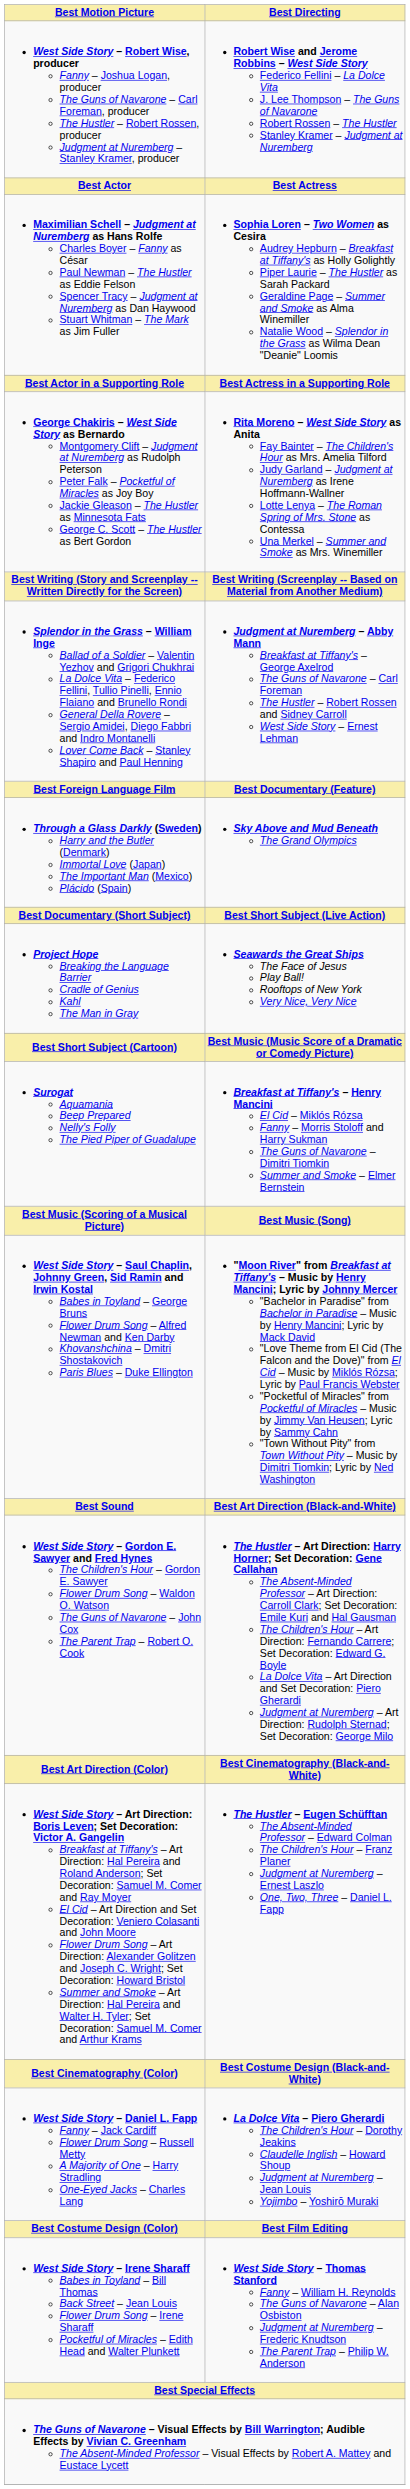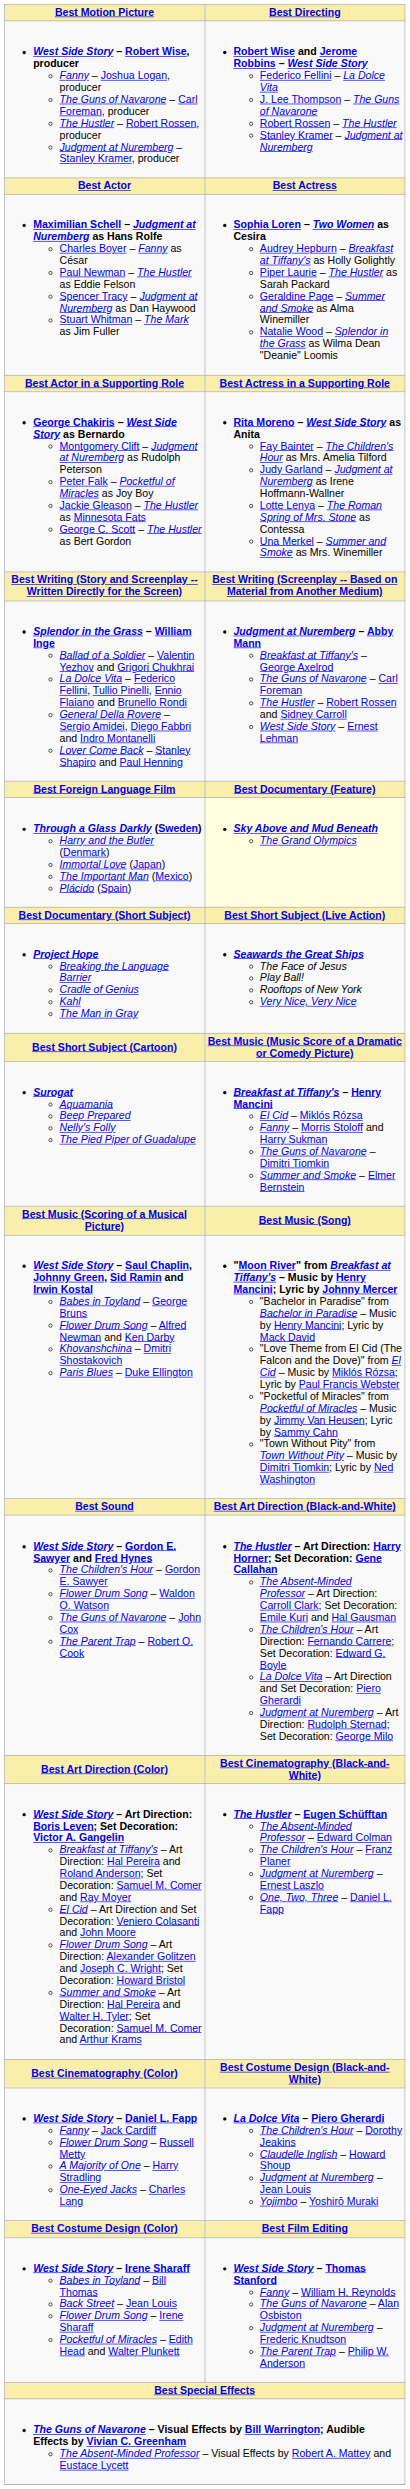 <table class=wikitable>
 <tr>
 <th style="background:#F9EFAA; width:50%"><a href='#'>Best Motion Picture</a></th>
 <th style="background:#F9EFAA; width:50%"><a href='#'>Best Directing</a></th>
 </tr>
 <tr>
 <td valign="top"><br><ul><li><strong> <em><a href='#'>West Side Story</a></em> – <a href='#'>Robert Wise</a>, producer</strong><ul><li><em><a href='#'>Fanny</a></em> – <a href='#'>Joshua Logan</a>, producer</li><li><em><a href='#'>The Guns of Navarone</a></em> – <a href='#'>Carl Foreman</a>, producer</li><li><em><a href='#'>The Hustler</a></em> – <a href='#'>Robert Rossen</a>, producer</li><li><em><a href='#'>Judgment at Nuremberg</a></em> – <a href='#'>Stanley Kramer</a>, producer</li></ul></li></ul></td>
 <td valign="top"><br><ul><li><strong><a href='#'>Robert Wise</a> and <a href='#'>Jerome Robbins</a> – <em><a href='#'>West Side Story</a></em> </strong><ul><li><a href='#'>Federico Fellini</a> – <em><a href='#'>La Dolce Vita</a></em></li><li><a href='#'>J. Lee Thompson</a> – <em><a href='#'>The Guns of Navarone</a></em></li><li><a href='#'>Robert Rossen</a> – <em><a href='#'>The Hustler</a></em></li><li><a href='#'>Stanley Kramer</a> – <em><a href='#'>Judgment at Nuremberg</a></em></li></ul></li></ul></td>
 </tr>
 <tr>
 <th style="background:#F9EFAA"><a href='#'>Best Actor</a></th>
 <th style="background:#F9EFAA"><a href='#'>Best Actress</a></th>
 </tr>
 <tr>
 <td valign="top"><br><ul><li><strong> <a href='#'>Maximilian Schell</a> – <em><a href='#'>Judgment at Nuremberg</a></em> as Hans Rolfe</strong><ul><li><a href='#'>Charles Boyer</a> – <em><a href='#'>Fanny</a></em> as César</li><li><a href='#'>Paul Newman</a> – <em><a href='#'>The Hustler</a></em> as Eddie Felson</li><li><a href='#'>Spencer Tracy</a> – <em><a href='#'>Judgment at Nuremberg</a></em> as Dan Haywood</li><li><a href='#'>Stuart Whitman</a> – <em><a href='#'>The Mark</a></em> as Jim Fuller</li></ul></li></ul></td>
 <td valign="top"><br><ul><li><strong> <a href='#'>Sophia Loren</a> – <em><a href='#'>Two Women</a></em> as Cesira</strong><ul><li><a href='#'>Audrey Hepburn</a> – <em><a href='#'>Breakfast at Tiffany's</a></em> as Holly Golightly</li><li><a href='#'>Piper Laurie</a> – <em><a href='#'>The Hustler</a></em> as Sarah Packard</li><li><a href='#'>Geraldine Page</a> – <em><a href='#'>Summer and Smoke</a></em> as Alma Winemiller</li><li><a href='#'>Natalie Wood</a> – <em><a href='#'>Splendor in the Grass</a></em> as Wilma Dean "Deanie" Loomis</li></ul></li></ul></td>
 </tr>
 <tr>
 <th style="background:#F9EFAA"><a href='#'>Best Actor in a Supporting Role</a></th>
 <th style="background:#F9EFAA"><a href='#'>Best Actress in a Supporting Role</a></th>
 </tr>
 <tr>
 <td valign="top"><br><ul><li><strong> <a href='#'>George Chakiris</a> – <em><a href='#'>West Side Story</a></em> as Bernardo</strong><ul><li><a href='#'>Montgomery Clift</a> – <em><a href='#'>Judgment at Nuremberg</a></em> as Rudolph Peterson</li><li><a href='#'>Peter Falk</a> – <em><a href='#'>Pocketful of Miracles</a></em> as Joy Boy</li><li><a href='#'>Jackie Gleason</a> – <em><a href='#'>The Hustler</a></em> as <a href='#'>Minnesota Fats</a></li><li><a href='#'>George C. Scott</a> – <em><a href='#'>The Hustler</a></em> as Bert Gordon</li></ul></li></ul></td>
 <td valign="top"><br><ul><li><strong> <a href='#'>Rita Moreno</a> – <em><a href='#'>West Side Story</a></em> as Anita</strong><ul><li><a href='#'>Fay Bainter</a> – <em><a href='#'>The Children's Hour</a></em> as Mrs. Amelia Tilford</li><li><a href='#'>Judy Garland</a> – <em><a href='#'>Judgment at Nuremberg</a></em> as Irene Hoffmann-Wallner</li><li><a href='#'>Lotte Lenya</a> – <em><a href='#'>The Roman Spring of Mrs. Stone</a></em> as Contessa</li><li><a href='#'>Una Merkel</a> – <em><a href='#'>Summer and Smoke</a></em> as Mrs. Winemiller</li></ul></li></ul></td>
 </tr>
 <tr>
 <th style="background:#F9EFAA"><a href='#'>Best Writing (Story and Screenplay -- Written Directly for the Screen)</a></th>
 <th style="background:#F9EFAA"><a href='#'>Best Writing (Screenplay -- Based on Material from Another Medium)</a></th>
 </tr>
 <tr>
 <td valign="top"><br><ul><li><strong> <em><a href='#'>Splendor in the Grass</a></em> – <a href='#'>William Inge</a></strong><ul><li><em><a href='#'>Ballad of a Soldier</a></em> – <a href='#'>Valentin Yezhov</a> and <a href='#'>Grigori Chukhrai</a></li><li><em><a href='#'>La Dolce Vita</a></em> – <a href='#'>Federico Fellini</a>, <a href='#'>Tullio Pinelli</a>, <a href='#'>Ennio Flaiano</a> and <a href='#'>Brunello Rondi</a></li><li><em><a href='#'>General Della Rovere</a></em> – <a href='#'>Sergio Amidei</a>, <a href='#'>Diego Fabbri</a> and <a href='#'>Indro Montanelli</a></li><li><em><a href='#'>Lover Come Back</a></em> – <a href='#'>Stanley Shapiro</a> and <a href='#'>Paul Henning</a></li></ul></li></ul></td>
 <td valign="top"><br><ul><li><strong> <em><a href='#'>Judgment at Nuremberg</a></em> – <a href='#'>Abby Mann</a></strong><ul><li><em><a href='#'>Breakfast at Tiffany's</a></em> – <a href='#'>George Axelrod</a></li><li><em><a href='#'>The Guns of Navarone</a></em> – <a href='#'>Carl Foreman</a></li><li><em><a href='#'>The Hustler</a></em> – <a href='#'>Robert Rossen</a> and <a href='#'>Sidney Carroll</a></li><li><em><a href='#'>West Side Story</a></em> – <a href='#'>Ernest Lehman</a></li></ul></li></ul></td>
 </tr>
 <tr>
 <th style="background:#F9EFAA"><a href='#'>Best Foreign Language Film</a></th>
 <th style="background:#F9EFAA"><a href='#'>Best Documentary (Feature)</a></th>
 </tr>
 <tr>
 <td valign="top"><br><ul><li><strong> <em><a href='#'>Through a Glass Darkly</a></em> (<a href='#'>Sweden</a>)</strong><ul><li><em><a href='#'>Harry and the Butler</a></em> (<a href='#'>Denmark</a>)</li><li><em><a href='#'>Immortal Love</a></em> (<a href='#'>Japan</a>)</li><li><em><a href='#'>The Important Man</a></em> (<a href='#'>Mexico</a>)</li><li><em><a href='#'>Plácido</a></em> (<a href='#'>Spain</a>)</li></ul></li></ul></td>
-<td valign="top"><br><ul><li><strong><em><a href='#'>Sky Above and Mud Beneath</a></em></strong><ul><li><em><a href='#'>The Grand Olympics</a></em></li></ul></li></ul></td>
+<td valign="top" style="background: lightyellow;"><br><ul><li><strong><em><a href='#'>Sky Above and Mud Beneath</a></em></strong><ul><li><em><a href='#'>The Grand Olympics</a></em></li></ul></li></ul></td>
 </tr>
 <tr>
 <th style="background:#F9EFAA"><a href='#'>Best Documentary (Short Subject)</a></th>
 <th style="background:#F9EFAA"><a href='#'>Best Short Subject (Live Action)</a></th>
 </tr>
 <tr>
 <td valign="top"><br><ul><li><strong><em><a href='#'>Project Hope</a></em></strong><ul><li><em><a href='#'>Breaking the Language Barrier</a></em></li><li><em><a href='#'>Cradle of Genius</a></em></li><li><em><a href='#'>Kahl</a></em></li><li><em><a href='#'>The Man in Gray</a></em></li></ul></li></ul></td>
 <td valign="top"><br><ul><li><strong><em><a href='#'>Seawards the Great Ships</a></em></strong><ul><li><em>The Face of Jesus</em></li><li><em>Play Ball!</em></li><li><em>Rooftops of New York</em></li><li><em><a href='#'>Very Nice, Very Nice</a></em></li></ul></li></ul></td>
 </tr>
 <tr>
 <th style="background:#F9EFAA"><a href='#'>Best Short Subject (Cartoon)</a></th>
 <th style="background:#F9EFAA"><a href='#'>Best Music (Music Score of a Dramatic or Comedy Picture)</a></th>
 </tr>
 <tr>
 <td valign="top"><br><ul><li><strong><em><a href='#'>Surogat</a></em></strong><ul><li><em><a href='#'>Aquamania</a></em></li><li><em><a href='#'>Beep Prepared</a></em></li><li><em><a href='#'>Nelly's Folly</a></em></li><li><em><a href='#'>The Pied Piper of Guadalupe</a></em></li></ul></li></ul></td>
 <td valign="top"><br><ul><li><strong> <em><a href='#'>Breakfast at Tiffany's</a></em> – <a href='#'>Henry Mancini</a></strong><ul><li><em><a href='#'>El Cid</a></em> – <a href='#'>Miklós Rózsa</a></li><li><em><a href='#'>Fanny</a></em> – <a href='#'>Morris Stoloff</a> and <a href='#'>Harry Sukman</a></li><li><em><a href='#'>The Guns of Navarone</a></em> – <a href='#'>Dimitri Tiomkin</a></li><li><em><a href='#'>Summer and Smoke</a></em> – <a href='#'>Elmer Bernstein</a></li></ul></li></ul></td>
 </tr>
 <tr>
 <th style="background:#F9EFAA"><a href='#'>Best Music (Scoring of a Musical Picture)</a></th>
 <th style="background:#F9EFAA"><a href='#'>Best Music (Song)</a></th>
 </tr>
 <tr>
 <td valign="top"><br><ul><li><strong> <em><a href='#'>West Side Story</a></em> – <a href='#'>Saul Chaplin</a>, <a href='#'>Johnny Green</a>, <a href='#'>Sid Ramin</a> and <a href='#'>Irwin Kostal</a></strong><ul><li><em><a href='#'>Babes in Toyland</a></em> – <a href='#'>George Bruns</a></li><li><em><a href='#'>Flower Drum Song</a></em> – <a href='#'>Alfred Newman</a> and <a href='#'>Ken Darby</a></li><li><em><a href='#'>Khovanshchina</a></em> – <a href='#'>Dmitri Shostakovich</a></li><li><em><a href='#'>Paris Blues</a></em> – <a href='#'>Duke Ellington</a></li></ul></li></ul></td>
 <td valign="top"><br><ul><li><strong> "<a href='#'>Moon River</a>" from <em><a href='#'>Breakfast at Tiffany's</a></em> – Music by <a href='#'>Henry Mancini</a>; Lyric by <a href='#'>Johnny Mercer</a></strong><ul><li>"Bachelor in Paradise" from <em><a href='#'>Bachelor in Paradise</a></em> – Music by <a href='#'>Henry Mancini</a>; Lyric by <a href='#'>Mack David</a></li><li>"Love Theme from El Cid (The Falcon and the Dove)" from <em><a href='#'>El Cid</a></em> – Music by <a href='#'>Miklós Rózsa</a>; Lyric by <a href='#'>Paul Francis Webster</a></li><li>"Pocketful of Miracles" from <em><a href='#'>Pocketful of Miracles</a></em> – Music by <a href='#'>Jimmy Van Heusen</a>; Lyric by <a href='#'>Sammy Cahn</a></li><li>"Town Without Pity" from <em><a href='#'>Town Without Pity</a></em> – Music by <a href='#'>Dimitri Tiomkin</a>; Lyric by <a href='#'>Ned Washington</a></li></ul></li></ul></td>
 </tr>
 <tr>
 <th style="background:#F9EFAA"><a href='#'>Best Sound</a></th>
 <th style="background:#F9EFAA"><a href='#'>Best Art Direction (Black-and-White)</a></th>
 </tr>
 <tr>
 <td valign="top"><br><ul><li><strong> <em><a href='#'>West Side Story</a></em> – <a href='#'>Gordon E. Sawyer</a> and <a href='#'>Fred Hynes</a></strong><ul><li><em><a href='#'>The Children's Hour</a></em> – <a href='#'>Gordon E. Sawyer</a></li><li><em><a href='#'>Flower Drum Song</a></em> – <a href='#'>Waldon O. Watson</a></li><li><em><a href='#'>The Guns of Navarone</a></em> – <a href='#'>John Cox</a></li><li><em><a href='#'>The Parent Trap</a></em> – <a href='#'>Robert O. Cook</a></li></ul></li></ul></td>
 <td valign="top"><br><ul><li><strong> <em><a href='#'>The Hustler</a></em> – Art Direction: <a href='#'>Harry Horner</a>; Set Decoration: <a href='#'>Gene Callahan</a> </strong><ul><li><em><a href='#'>The Absent-Minded Professor</a></em> – Art Direction: <a href='#'>Carroll Clark</a>; Set Decoration: <a href='#'>Emile Kuri</a> and <a href='#'>Hal Gausman</a></li><li><em><a href='#'>The Children's Hour</a></em> – Art Direction: <a href='#'>Fernando Carrere</a>; Set Decoration: <a href='#'>Edward G. Boyle</a></li><li><em><a href='#'>La Dolce Vita</a></em> – Art Direction and Set Decoration: <a href='#'>Piero Gherardi</a></li><li><em><a href='#'>Judgment at Nuremberg</a></em> – Art Direction: <a href='#'>Rudolph Sternad</a>; Set Decoration: <a href='#'>George Milo</a></li></ul></li></ul></td>
 </tr>
 <tr>
 <th style="background:#F9EFAA"><a href='#'>Best Art Direction (Color)</a></th>
 <th style="background:#F9EFAA"><a href='#'>Best Cinematography (Black-and-White)</a></th>
 </tr>
 <tr>
 <td valign="top"><br><ul><li><strong> <em><a href='#'>West Side Story</a></em> – Art Direction: <a href='#'>Boris Leven</a>; Set Decoration: <a href='#'>Victor A. Gangelin</a> </strong><ul><li><em><a href='#'>Breakfast at Tiffany's</a></em> – Art Direction: <a href='#'>Hal Pereira</a> and <a href='#'>Roland Anderson</a>; Set Decoration: <a href='#'>Samuel M. Comer</a> and <a href='#'>Ray Moyer</a></li><li><em><a href='#'>El Cid</a></em> – Art Direction and Set Decoration: <a href='#'>Veniero Colasanti</a> and <a href='#'>John Moore</a></li><li><em><a href='#'>Flower Drum Song</a></em> – Art Direction: <a href='#'>Alexander Golitzen</a> and <a href='#'>Joseph C. Wright</a>; Set Decoration: <a href='#'>Howard Bristol</a></li><li><em><a href='#'>Summer and Smoke</a></em> – Art Direction: <a href='#'>Hal Pereira</a> and <a href='#'>Walter H. Tyler</a>; Set Decoration: <a href='#'>Samuel M. Comer</a> and <a href='#'>Arthur Krams</a></li></ul></li></ul></td>
 <td valign="top"><br><ul><li><strong> <em><a href='#'>The Hustler</a></em> – <a href='#'>Eugen Schüfftan</a> </strong><ul><li><em><a href='#'>The Absent-Minded Professor</a></em> – <a href='#'>Edward Colman</a></li><li><em><a href='#'>The Children's Hour</a></em> – <a href='#'>Franz Planer</a></li><li><em><a href='#'>Judgment at Nuremberg</a></em> – <a href='#'>Ernest Laszlo</a></li><li><em><a href='#'>One, Two, Three</a></em> – <a href='#'>Daniel L. Fapp</a></li></ul></li></ul></td>
 </tr>
 <tr>
 <th style="background:#F9EFAA"><a href='#'>Best Cinematography (Color)</a></th>
 <th style="background:#F9EFAA"><a href='#'>Best Costume Design (Black-and-White)</a></th>
 </tr>
 <tr>
 <td valign="top"><br><ul><li><strong> <em><a href='#'>West Side Story</a></em> – <a href='#'>Daniel L. Fapp</a> </strong><ul><li><em><a href='#'>Fanny</a></em> – <a href='#'>Jack Cardiff</a></li><li><em><a href='#'>Flower Drum Song</a></em> – <a href='#'>Russell Metty</a></li><li><em><a href='#'>A Majority of One</a></em> – <a href='#'>Harry Stradling</a></li><li><em><a href='#'>One-Eyed Jacks</a></em> – <a href='#'>Charles Lang</a></li></ul></li></ul></td>
 <td valign="top"><br><ul><li><strong> <em><a href='#'>La Dolce Vita</a></em> – <a href='#'>Piero Gherardi</a> </strong><ul><li><em><a href='#'>The Children's Hour</a></em> – <a href='#'>Dorothy Jeakins</a></li><li><em><a href='#'>Claudelle Inglish</a></em> – <a href='#'>Howard Shoup</a></li><li><em><a href='#'>Judgment at Nuremberg</a></em> – <a href='#'>Jean Louis</a></li><li><em><a href='#'>Yojimbo</a></em> – <a href='#'>Yoshirō Muraki</a></li></ul></li></ul></td>
 </tr>
 <tr>
 <th style="background:#F9EFAA"><a href='#'>Best Costume Design (Color)</a></th>
 <th style="background:#F9EFAA"><a href='#'>Best Film Editing</a></th>
 </tr>
 <tr>
 <td valign="top"><br><ul><li><strong> <em><a href='#'>West Side Story</a></em> – <a href='#'>Irene Sharaff</a> </strong><ul><li><em><a href='#'>Babes in Toyland</a></em> – <a href='#'>Bill Thomas</a></li><li><em><a href='#'>Back Street</a></em> – <a href='#'>Jean Louis</a></li><li><em><a href='#'>Flower Drum Song</a></em> – <a href='#'>Irene Sharaff</a></li><li><em><a href='#'>Pocketful of Miracles</a></em> – <a href='#'>Edith Head</a> and <a href='#'>Walter Plunkett</a></li></ul></li></ul></td>
 <td valign="top"><br><ul><li><strong> <em><a href='#'>West Side Story</a></em> – <a href='#'>Thomas Stanford</a> </strong><ul><li><em><a href='#'>Fanny</a></em> – <a href='#'>William H. Reynolds</a></li><li><em><a href='#'>The Guns of Navarone</a></em> – <a href='#'>Alan Osbiston</a></li><li><em><a href='#'>Judgment at Nuremberg</a></em> – <a href='#'>Frederic Knudtson</a></li><li><em><a href='#'>The Parent Trap</a></em> – <a href='#'>Philip W. Anderson</a></li></ul></li></ul></td>
 </tr>
 <tr>
 <th colspan="2" style="background:#F9EFAA"><a href='#'>Best Special Effects</a></th>
 </tr>
 <tr>
 <td colspan="2" valign="top"><br><ul><li><strong> <em><a href='#'>The Guns of Navarone</a></em> – Visual Effects by <a href='#'>Bill Warrington</a>; Audible Effects by <a href='#'>Vivian C. Greenham</a> </strong><ul><li><em><a href='#'>The Absent-Minded Professor</a></em> – Visual Effects by <a href='#'>Robert A. Mattey</a> and <a href='#'>Eustace Lycett</a></li></ul></li></ul></td>
 </tr>
 <tr>
 </tr>
 </table>
